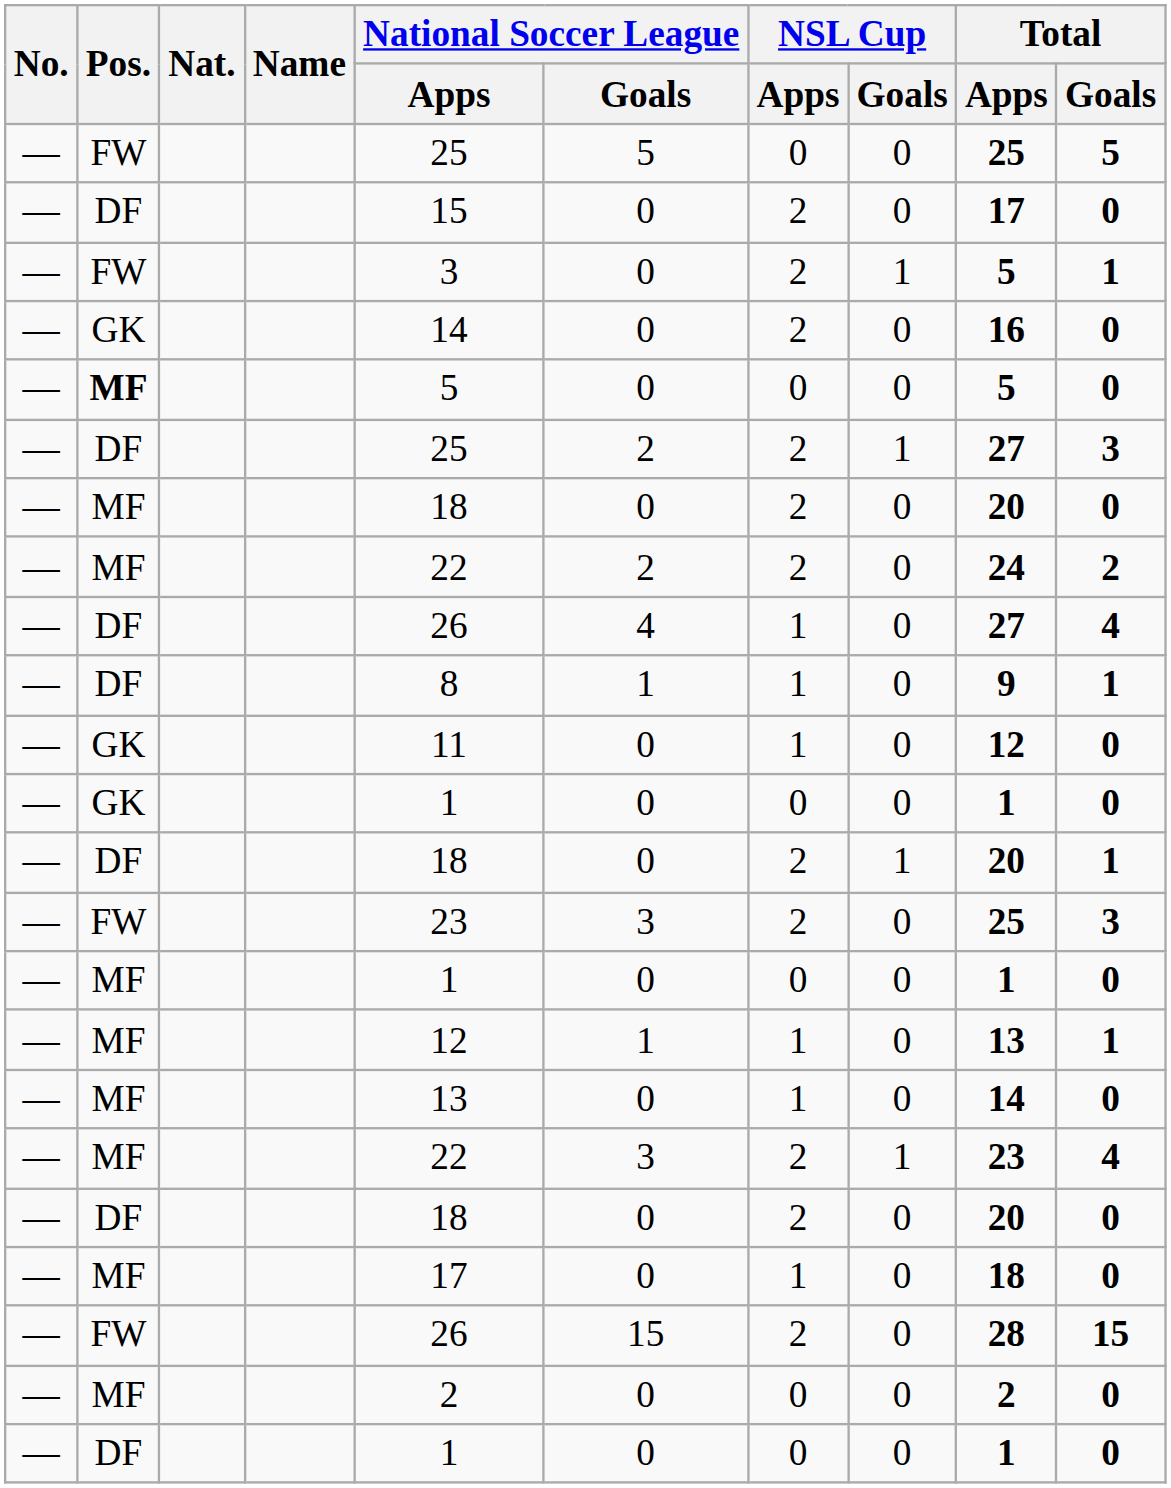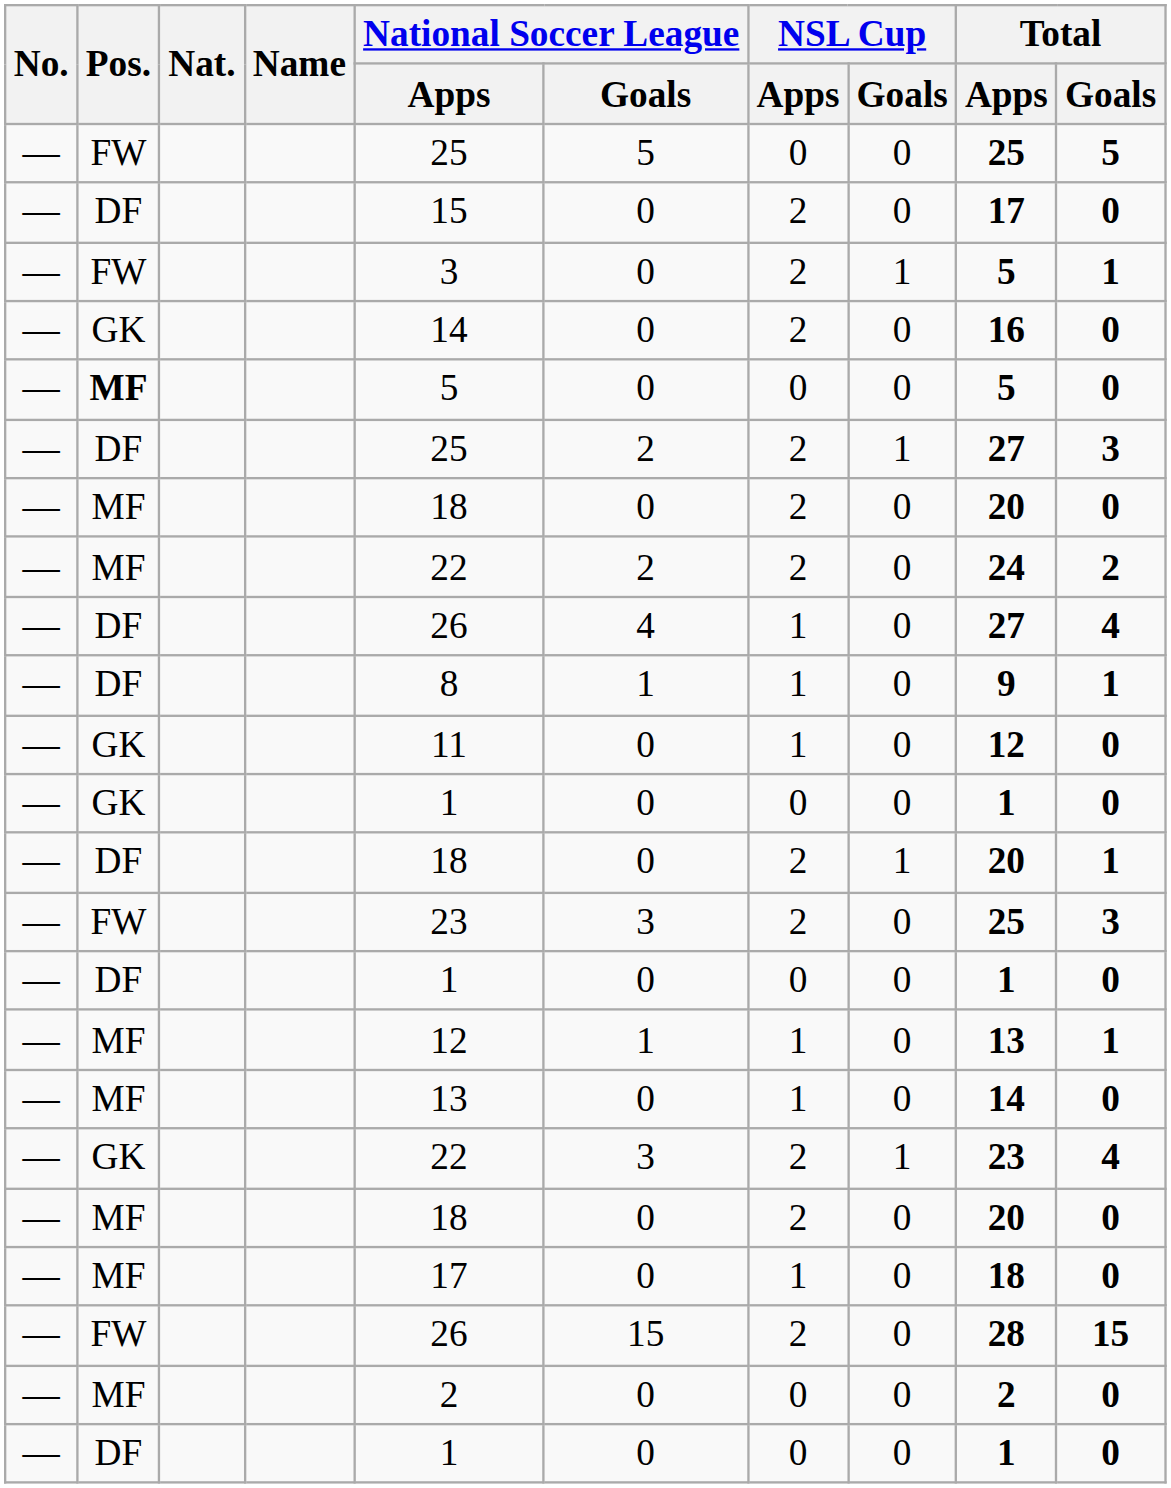 <table class="wikitable sortable" style="text-align:center">
 <tr>
 <th rowspan="2">No.</th>
 <th rowspan="2">Pos.</th>
 <th rowspan="2">Nat.</th>
 <th rowspan="2">Name</th>
 <th colspan="2"><a href='#'>National Soccer League</a></th>
 <th colspan="2"><a href='#'>NSL Cup</a></th>
 <th colspan="2">Total</th>
 </tr>
 <tr>
 <th>Apps</th>
 <th>Goals</th>
 <th>Apps</th>
 <th>Goals</th>
 <th>Apps</th>
 <th>Goals</th>
 </tr>
 <tr>
 <td>—</td>
 <td>FW</td>
 <td></td>
 <td align=left></td>
 <td>25</td>
 <td>5</td>
 <td>0</td>
 <td>0</td>
 <td><strong>25</strong></td>
 <td><strong>5</strong></td>
 </tr>
 <tr>
 <td>—</td>
 <td>DF</td>
 <td></td>
 <td align=left></td>
 <td>15</td>
 <td>0</td>
 <td>2</td>
 <td>0</td>
 <td><strong>17</strong></td>
 <td><strong>0</strong></td>
 </tr>
 <tr>
 <td>—</td>
 <td>FW</td>
 <td></td>
 <td align=left></td>
 <td>3</td>
 <td>0</td>
 <td>2</td>
 <td>1</td>
 <td><strong>5</strong></td>
 <td><strong>1</strong></td>
 </tr>
 <tr>
 <td>—</td>
 <td>GK</td>
 <td></td>
 <td align=left></td>
 <td>14</td>
 <td>0</td>
 <td>2</td>
 <td>0</td>
 <td><strong>16</strong></td>
 <td><strong>0</strong></td>
 </tr>
 <tr>
 <td>—</td>
 <td><strong>MF</strong></td>
 <td></td>
 <td align=left></td>
 <td>5</td>
 <td>0</td>
 <td>0</td>
 <td>0</td>
 <td><strong>5</strong></td>
 <td><strong>0</strong></td>
 </tr>
 <tr>
 <td>—</td>
 <td>DF</td>
 <td></td>
 <td align=left></td>
 <td>25</td>
 <td>2</td>
 <td>2</td>
 <td>1</td>
 <td><strong>27</strong></td>
 <td><strong>3</strong></td>
 </tr>
 <tr>
 <td>—</td>
 <td>MF</td>
 <td></td>
 <td align=left></td>
 <td>18</td>
 <td>0</td>
 <td>2</td>
 <td>0</td>
 <td><strong>20</strong></td>
 <td><strong>0</strong></td>
 </tr>
 <tr>
 <td>—</td>
 <td>MF</td>
 <td></td>
 <td align=left></td>
 <td>22</td>
 <td>2</td>
 <td>2</td>
 <td>0</td>
 <td><strong>24</strong></td>
 <td><strong>2</strong></td>
 </tr>
 <tr>
 <td>—</td>
 <td>DF</td>
 <td></td>
 <td align=left></td>
 <td>26</td>
 <td>4</td>
 <td>1</td>
 <td>0</td>
 <td><strong>27</strong></td>
 <td><strong>4</strong></td>
 </tr>
 <tr>
 <td>—</td>
 <td>DF</td>
 <td></td>
 <td align=left></td>
 <td>8</td>
 <td>1</td>
 <td>1</td>
 <td>0</td>
 <td><strong>9</strong></td>
 <td><strong>1</strong></td>
 </tr>
 <tr>
 <td>—</td>
 <td>GK</td>
 <td></td>
 <td align=left></td>
 <td>11</td>
 <td>0</td>
 <td>1</td>
 <td>0</td>
 <td><strong>12</strong></td>
 <td><strong>0</strong></td>
 </tr>
 <tr>
 <td>—</td>
 <td>GK</td>
 <td></td>
 <td align=left></td>
 <td>1</td>
 <td>0</td>
 <td>0</td>
 <td>0</td>
 <td><strong>1</strong></td>
 <td><strong>0</strong></td>
 </tr>
 <tr>
 <td>—</td>
 <td>DF</td>
 <td></td>
 <td align=left></td>
 <td>18</td>
 <td>0</td>
 <td>2</td>
 <td>1</td>
 <td><strong>20</strong></td>
 <td><strong>1</strong></td>
 </tr>
 <tr>
 <td>—</td>
 <td>FW</td>
 <td></td>
 <td align=left></td>
 <td>23</td>
 <td>3</td>
 <td>2</td>
 <td>0</td>
 <td><strong>25</strong></td>
 <td><strong>3</strong></td>
 </tr>
 <tr>
 <td>—</td>
-<td>MF</td>
+<td>DF</td>
 <td></td>
 <td align=left></td>
 <td>1</td>
 <td>0</td>
 <td>0</td>
 <td>0</td>
 <td><strong>1</strong></td>
 <td><strong>0</strong></td>
 </tr>
 <tr>
 <td>—</td>
 <td>MF</td>
 <td></td>
 <td align=left></td>
 <td>12</td>
 <td>1</td>
 <td>1</td>
 <td>0</td>
 <td><strong>13</strong></td>
 <td><strong>1</strong></td>
 </tr>
 <tr>
 <td>—</td>
 <td>MF</td>
 <td></td>
 <td align=left></td>
 <td>13</td>
 <td>0</td>
 <td>1</td>
 <td>0</td>
 <td><strong>14</strong></td>
 <td><strong>0</strong></td>
 </tr>
 <tr>
 <td>—</td>
-<td>MF</td>
+<td>GK</td>
 <td></td>
 <td align=left></td>
 <td>22</td>
 <td>3</td>
 <td>2</td>
 <td>1</td>
 <td><strong>23</strong></td>
 <td><strong>4</strong></td>
 </tr>
 <tr>
 <td>—</td>
-<td>DF</td>
+<td>MF</td>
 <td></td>
 <td align=left></td>
 <td>18</td>
 <td>0</td>
 <td>2</td>
 <td>0</td>
 <td><strong>20</strong></td>
 <td><strong>0</strong></td>
 </tr>
 <tr>
 <td>—</td>
 <td>MF</td>
 <td></td>
 <td align=left></td>
 <td>17</td>
 <td>0</td>
 <td>1</td>
 <td>0</td>
 <td><strong>18</strong></td>
 <td><strong>0</strong></td>
 </tr>
 <tr>
 <td>—</td>
 <td>FW</td>
 <td></td>
 <td align=left></td>
 <td>26</td>
 <td>15</td>
 <td>2</td>
 <td>0</td>
 <td><strong>28</strong></td>
 <td><strong>15</strong></td>
 </tr>
 <tr>
 <td>—</td>
 <td>MF</td>
 <td></td>
 <td align=left></td>
 <td>2</td>
 <td>0</td>
 <td>0</td>
 <td>0</td>
 <td><strong>2</strong></td>
 <td><strong>0</strong></td>
 </tr>
 <tr>
 <td>—</td>
 <td>DF</td>
 <td></td>
 <td align=left></td>
 <td>1</td>
 <td>0</td>
 <td>0</td>
 <td>0</td>
 <td><strong>1</strong></td>
 <td><strong>0</strong></td>
 </tr>
 </table>
